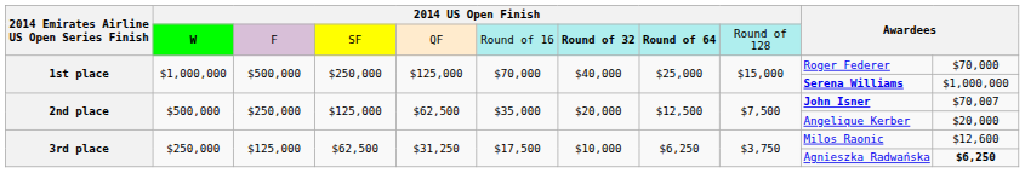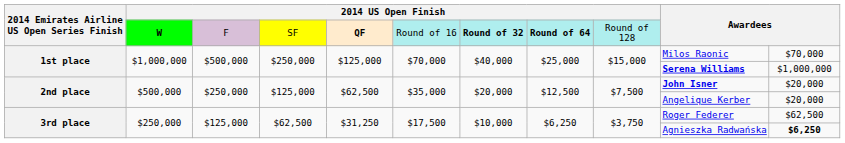 <table class=wikitable style=font-size:90%;text-align:center>
 <tr>
 <th rowspan=2>2014 Emirates Airline US Open Series Finish</th>
 <th colspan=8>2014 US Open Finish</th>
 <th rowspan=2 colspan=2>Awardees</th>
 </tr>
 <tr>
 <td style="width:80px; background:lime;"><strong>W</strong></td>
 <td style="width:80px; background:thistle;">F</td>
 <td style="width:80px; background:#ff0;">SF</td>
-<td style="width:80px; background:#ffebcd;">QF</td>
+<td style="width:80px; background:#ffebcd;"><strong>QF</strong></td>
 <td style="width:80px; background:#afeeee;">Round of 16</td>
 <td style="width:80px; background:#afeeee;"><strong>Round of 32</strong></td>
 <td style="width:80px; background:#afeeee;"><strong>Round of 64</strong></td>
 <td style="width:80px; background:#afeeee;">Round of 128</td>
 </tr>
 <tr>
 <th width=120 rowspan=2>1st place</th>
 <td rowspan=2>$1,000,000</td>
 <td rowspan=2>$500,000</td>
 <td rowspan=2>$250,000</td>
 <td rowspan=2>$125,000</td>
 <td rowspan=2>$70,000</td>
 <td rowspan=2>$40,000</td>
 <td rowspan=2>$25,000</td>
 <td rowspan=2>$15,000</td>
-<td align=left> <a href='#'>Roger Federer</a></td>
+<td align=left> <a href='#'>Milos Raonic</a></td>
 <td width=85>$70,000</td>
 </tr>
 <tr>
 <td align=left><strong> <a href='#'>Serena Williams</a></strong></td>
 <td>$1,000,000</td>
 </tr>
 <tr>
 <th width=150 rowspan=2>2nd place</th>
 <td rowspan=2>$500,000</td>
 <td rowspan=2>$250,000</td>
 <td rowspan=2>$125,000</td>
 <td rowspan=2>$62,500</td>
 <td rowspan=2>$35,000</td>
 <td rowspan=2>$20,000</td>
 <td rowspan=2>$12,500</td>
 <td rowspan=2>$7,500</td>
 <td align=left><strong> <a href='#'>John Isner</a></strong></td>
-<td>$70,007</td>
+<td>$20,000</td>
 </tr>
 <tr>
 <td align=left> <a href='#'>Angelique Kerber</a></td>
 <td>$20,000</td>
 </tr>
 <tr>
 <th width=120 rowspan=2>3rd place</th>
 <td rowspan=2>$250,000</td>
 <td rowspan=2>$125,000</td>
 <td rowspan=2>$62,500</td>
 <td rowspan=2>$31,250</td>
 <td rowspan=2>$17,500</td>
 <td rowspan=2>$10,000</td>
 <td rowspan=2>$6,250</td>
 <td rowspan=2>$3,750</td>
-<td align=left> <a href='#'>Milos Raonic</a></td>
-<td>$12,600</td>
+<td align=left> <a href='#'>Roger Federer</a></td>
+<td>$62,500</td>
 </tr>
 <tr>
 <td align=left> <a href='#'>Agnieszka Radwańska</a></td>
 <td><strong>$6,250</strong></td>
 </tr>
 </table>
